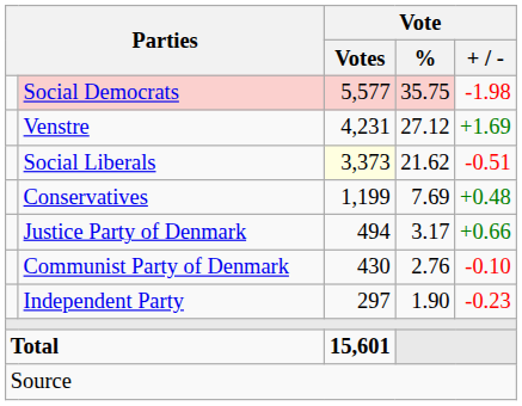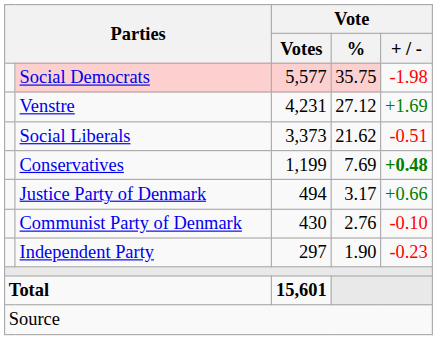 <table class="wikitable" style="text-align:right;">
 <tr>
 <th style="text-align:centre;" rowspan="2" colspan="2" width="225">Parties</th>
 <th colspan="3">Vote</th>
 </tr>
 <tr>
 <th width="15">Votes</th>
 <th width="15">%</th>
 <th width="15">+ / -</th>
 </tr>
 <tr>
 <td width="2" style="color:inherit;background:"></td>
 <td bgcolor=#fbd0ce  align="left"><a href='#'>Social Democrats</a></td>
 <td bgcolor=#fbd0ce>5,577</td>
 <td bgcolor=#fbd0ce>35.75</td>
 <td style=color:red;>-1.98</td>
 </tr>
 <tr>
 <td width="2" style="color:inherit;background:"></td>
 <td align="left"><a href='#'>Venstre</a></td>
 <td>4,231</td>
 <td>27.12</td>
 <td style=color:green;>+1.69</td>
 </tr>
 <tr>
 <td width="2" style="color:inherit;background:"></td>
 <td align="left"><a href='#'>Social Liberals</a></td>
-<td style="background: lightyellow;">3,373</td>
+<td>3,373</td>
 <td>21.62</td>
 <td style=color:red;>-0.51</td>
 </tr>
 <tr>
 <td width="2" style="color:inherit;background:"></td>
 <td align="left"><a href='#'>Conservatives</a></td>
 <td>1,199</td>
 <td>7.69</td>
-<td style=color:green;>+0.48</td>
+<td style=color:green;><strong>+0.48</strong></td>
 </tr>
 <tr>
 <td width="2" style="color:inherit;background:"></td>
 <td align="left"><a href='#'>Justice Party of Denmark</a></td>
 <td>494</td>
 <td>3.17</td>
 <td style=color:green;>+0.66</td>
 </tr>
 <tr>
 <td width="2" style="color:inherit;background:"></td>
 <td align="left"><a href='#'>Communist Party of Denmark</a></td>
 <td>430</td>
 <td>2.76</td>
 <td style=color:red;>-0.10</td>
 </tr>
 <tr>
 <td width="2" style="color:inherit;background:"></td>
 <td align="left"><a href='#'>Independent Party</a></td>
 <td>297</td>
 <td>1.90</td>
 <td style=color:red;>-0.23</td>
 </tr>
 <tr>
 <td colspan="7" bgcolor="#E9E9E9"></td>
 </tr>
 <tr>
 <td align="left" colspan="2"><strong>Total</strong></td>
 <td><strong>15,601</strong></td>
 <td bgcolor="#E9E9E9" colspan="2"></td>
 </tr>
 <tr>
 <td align="left" colspan="6">Source</td>
 </tr>
 </table>
